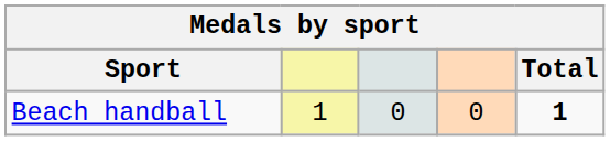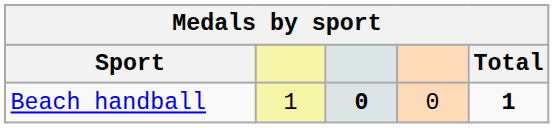 <table class="wikitable" style="font-size:90%; text-align:center;">
 <tr>
 <th colspan="5">Medals by sport</th>
 </tr>
 <tr>
 <th width="120">Sport</th>
 <th scope="col" width="30" style="background:#F7F6A8;"></th>
 <th scope="col" width="30" style="background:#DCE5E5;"></th>
 <th scope="col" width="30" style="background:#FFDAB9;"></th>
 <th width="30">Total</th>
 </tr>
 <tr>
 <td align="left"><a href='#'>Beach handball</a></td>
 <td style="background:#F7F6A8;">1</td>
-<td style="background:#DCE5E5;">0</td>
+<td style="background:#DCE5E5;"><strong>0</strong></td>
 <td style="background:#FFDAB9;">0</td>
 <td><strong>1</strong></td>
 </tr>
 </table>
